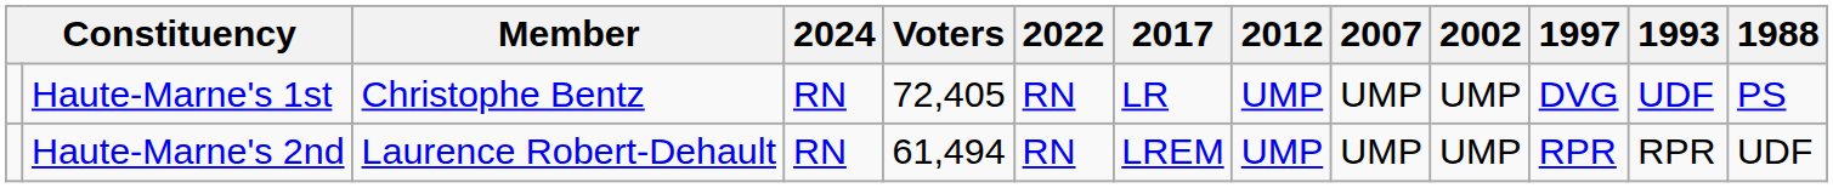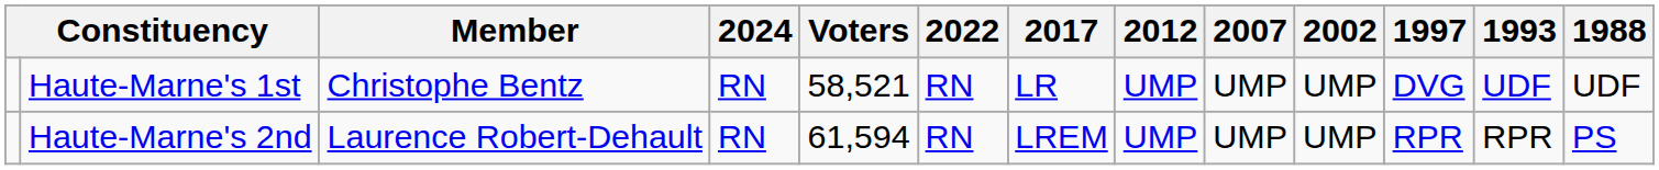 <table class="wikitable sortable">
 <tr>
 <th colspan="2">Constituency</th>
 <th>Member</th>
 <th>2024</th>
 <th>Voters</th>
 <th>2022</th>
 <th>2017</th>
 <th>2012</th>
 <th>2007</th>
 <th>2002</th>
 <th>1997</th>
 <th>1993</th>
 <th>1988</th>
 </tr>
 <tr>
 <td style="background-color: "></td>
 <td><a href='#'>Haute-Marne's 1st</a></td>
 <td><a href='#'>Christophe Bentz</a></td>
 <td><a href='#'>RN</a></td>
-<td>72,405</td>
+<td>58,521</td>
 <td><a href='#'>RN</a></td>
 <td><a href='#'>LR</a></td>
 <td><a href='#'>UMP</a></td>
 <td>UMP</td>
 <td>UMP</td>
 <td><a href='#'>DVG</a></td>
 <td><a href='#'>UDF</a></td>
-<td><a href='#'>PS</a></td>
+<td>UDF</td>
 </tr>
 <tr>
 <td style="background-color: "></td>
 <td><a href='#'>Haute-Marne's 2nd</a></td>
 <td><a href='#'>Laurence Robert-Dehault</a></td>
 <td><a href='#'>RN</a></td>
-<td>61,494</td>
+<td>61,594</td>
 <td><a href='#'>RN</a></td>
 <td><a href='#'>LREM</a></td>
 <td><a href='#'>UMP</a></td>
 <td>UMP</td>
 <td>UMP</td>
 <td><a href='#'>RPR</a></td>
 <td>RPR</td>
-<td>UDF</td>
+<td><a href='#'>PS</a></td>
 </tr>
 </table>
